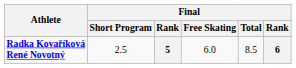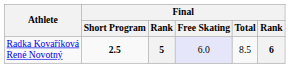 <table class="wikitable" style="font-size:90%">
 <tr>
 <th rowspan="2">Athlete</th>
 <th colspan="9">Final</th>
 </tr>
 <tr>
 <th>Short Program</th>
 <th>Rank</th>
 <th>Free Skating</th>
 <th>Total</th>
 <th>Rank</th>
 </tr>
 <tr>
-<td><strong><a href='#'>Radka Kovaříková</a><br><a href='#'>René Novotný</a></strong></td>
-<td align="center">2.5</td>
+<td><a href='#'>Radka Kovaříková</a><br><a href='#'>René Novotný</a></td>
+<td align="center"><strong>2.5</strong></td>
 <th align="center">5</th>
-<td align="center">6.0</td>
+<td align="center" style="background: lavender;">6.0</td>
 <td align="center">8.5</td>
 <th align="center">6</th>
 </tr>
 </table>
